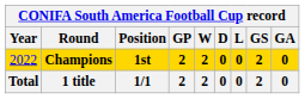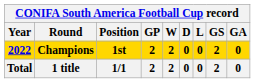 <table class="wikitable" style="text-align: center;">
 <tr>
 <th colspan=9><a href='#'>CONIFA South America Football Cup</a> record</th>
 </tr>
 <tr>
 <th>Year</th>
 <th>Round</th>
 <th>Position</th>
 <th>GP</th>
 <th>W</th>
 <th>D</th>
 <th>L</th>
 <th>GS</th>
 <th>GA</th>
 </tr>
 <tr bgcolor=gold>
-<td> <a href='#'>2022</a></td>
+<td><strong> <a href='#'>2022</a></strong></td>
 <td><strong>Champions</strong></td>
 <td><strong>1st</strong></td>
 <td><strong>2</strong></td>
 <td><strong>2</strong></td>
 <td><strong>0</strong></td>
 <td><strong>0</strong></td>
 <td><strong>2</strong></td>
 <td><strong>0</strong></td>
 </tr>
 <tr>
 <th><strong>Total</strong></th>
 <th>1 title</th>
 <th>1/1</th>
 <th>2</th>
 <th>2</th>
 <th>0</th>
 <th>0</th>
 <th>2</th>
 <th>0</th>
 </tr>
 </table>
